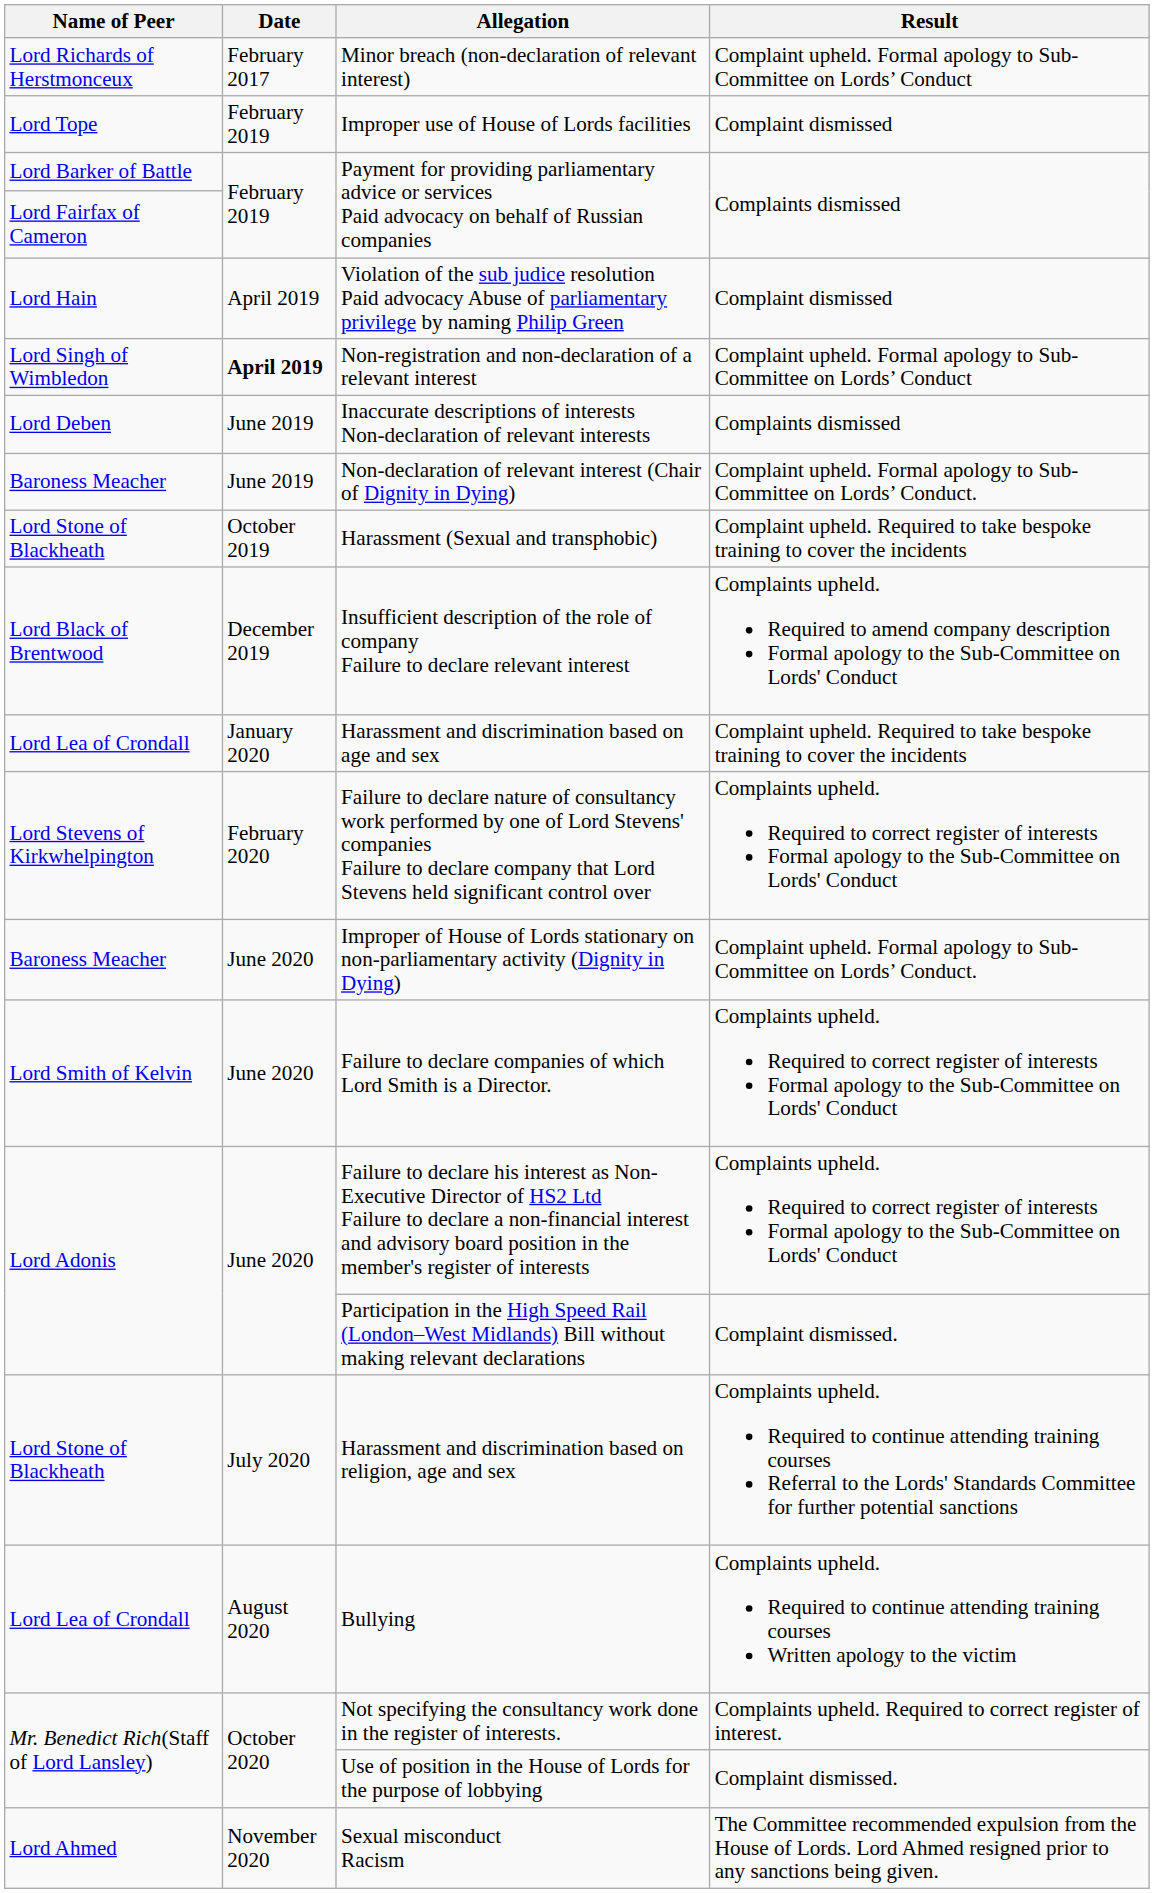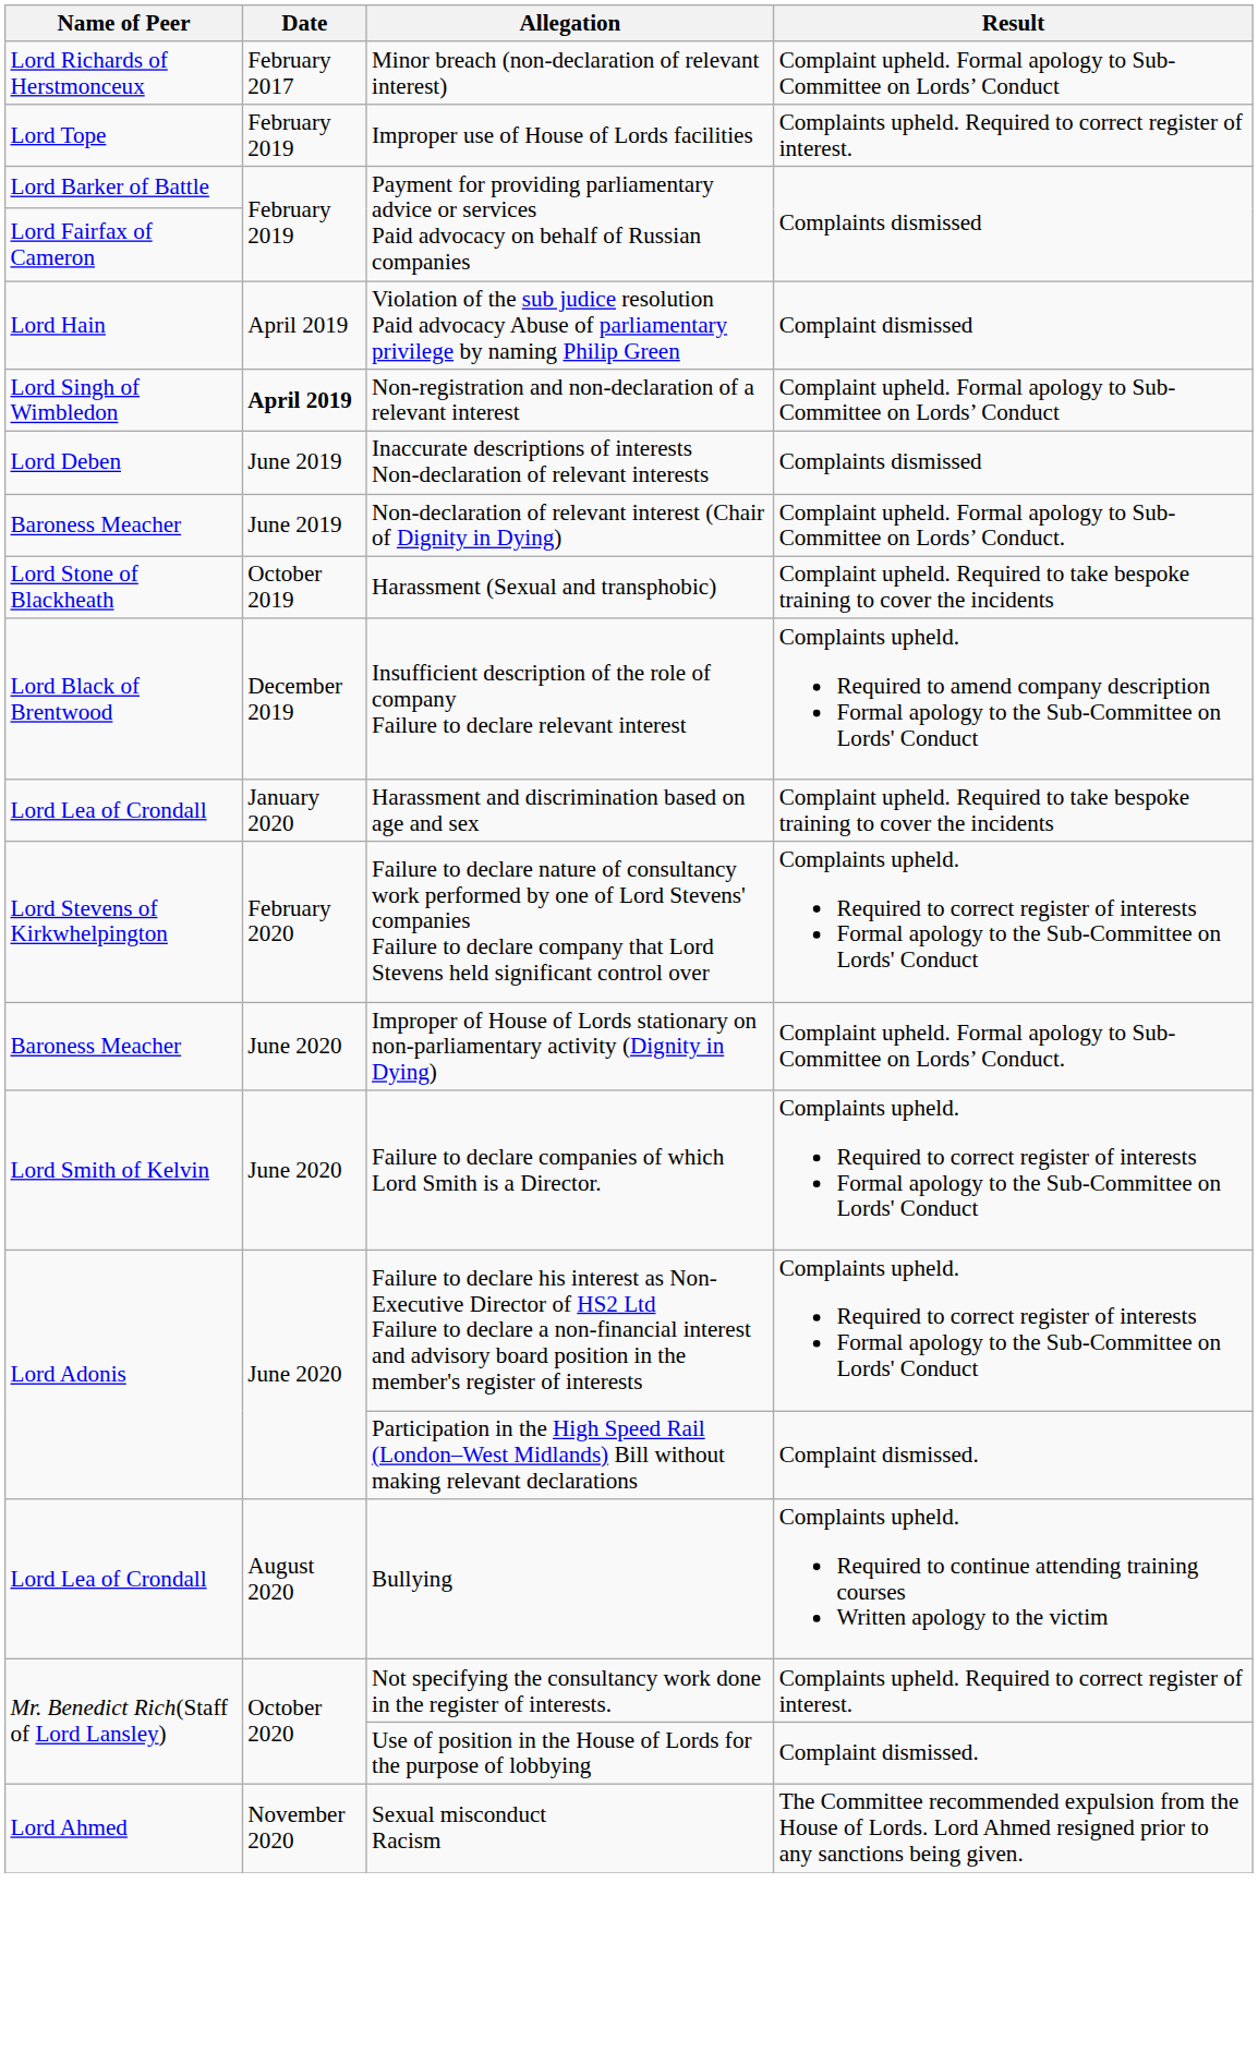 <table class="wikitable sortable mw-collapsible">
 <tr>
 <th>Name of Peer</th>
 <th>Date</th>
 <th>Allegation</th>
 <th>Result</th>
 </tr>
 <tr>
 <td><a href='#'>Lord Richards of Herstmonceux</a></td>
 <td>February 2017</td>
 <td>Minor breach (non-declaration of relevant interest)</td>
 <td>Complaint upheld. Formal apology to Sub-Committee on Lords’ Conduct</td>
 </tr>
 <tr>
 <td><a href='#'>Lord Tope</a></td>
 <td>February 2019</td>
 <td>Improper use of House of Lords facilities</td>
-<td>Complaint dismissed</td>
+<td>Complaints upheld. Required to correct register of interest.</td>
 </tr>
 <tr>
 <td><a href='#'>Lord Barker of Battle</a></td>
 <td rowspan="2">February 2019</td>
 <td rowspan="2">Payment for providing parliamentary advice or services<br>Paid advocacy on behalf of Russian companies</td>
 <td rowspan="2">Complaints dismissed</td>
 </tr>
 <tr>
 <td><a href='#'>Lord Fairfax of Cameron</a></td>
 </tr>
 <tr>
 <td><a href='#'>Lord Hain</a></td>
 <td>April 2019</td>
 <td>Violation of the <a href='#'>sub judice</a> resolution<br>Paid advocacy Abuse of <a href='#'>parliamentary privilege</a> by naming <a href='#'>Philip Green</a></td>
 <td>Complaint dismissed</td>
 </tr>
 <tr>
 <td><a href='#'>Lord Singh of Wimbledon</a></td>
 <td><strong>April 2019</strong></td>
 <td>Non-registration and non-declaration of a relevant interest</td>
 <td>Complaint upheld. Formal apology to Sub-Committee on Lords’ Conduct</td>
 </tr>
 <tr>
 <td><a href='#'>Lord Deben</a></td>
 <td>June 2019</td>
 <td>Inaccurate descriptions of interests<br>Non-declaration of relevant interests</td>
 <td>Complaints dismissed</td>
 </tr>
 <tr>
 <td><a href='#'>Baroness Meacher</a></td>
 <td>June 2019</td>
 <td>Non-declaration of relevant interest (Chair of <a href='#'>Dignity in Dying</a>)</td>
 <td>Complaint upheld. Formal apology to Sub-Committee on Lords’ Conduct.</td>
 </tr>
 <tr>
 <td><a href='#'>Lord Stone of Blackheath</a></td>
 <td>October 2019</td>
 <td>Harassment (Sexual and transphobic)</td>
 <td>Complaint upheld. Required to take bespoke training to cover the incidents</td>
 </tr>
 <tr>
 <td><a href='#'>Lord Black of Brentwood</a></td>
 <td>December 2019</td>
 <td>Insufficient description of the role of company<br>Failure to declare relevant interest</td>
 <td>Complaints upheld.<br><ul><li>Required to amend company description</li><li>Formal apology to the Sub-Committee on Lords' Conduct</li></ul></td>
 </tr>
 <tr>
 <td><a href='#'>Lord Lea of Crondall</a></td>
 <td>January 2020</td>
 <td>Harassment and discrimination based on age and sex</td>
 <td>Complaint upheld. Required to take bespoke training to cover the incidents</td>
 </tr>
 <tr>
 <td><a href='#'>Lord Stevens of Kirkwhelpington</a></td>
 <td>February 2020</td>
 <td>Failure to declare nature of consultancy work performed by one of Lord Stevens' companies<br>Failure to declare company that Lord Stevens held significant control over</td>
 <td>Complaints upheld.<br><ul><li>Required to correct register of interests</li><li>Formal apology to the Sub-Committee on Lords' Conduct</li></ul></td>
 </tr>
 <tr>
 <td><a href='#'>Baroness Meacher</a></td>
 <td>June 2020</td>
 <td>Improper of House of Lords stationary on non-parliamentary activity (<a href='#'>Dignity in Dying</a>)</td>
 <td>Complaint upheld. Formal apology to Sub-Committee on Lords’ Conduct.</td>
 </tr>
 <tr>
 <td><a href='#'>Lord Smith of Kelvin</a></td>
 <td>June 2020</td>
 <td>Failure to declare companies of which Lord Smith is a Director.</td>
 <td>Complaints upheld.<br><ul><li>Required to correct register of interests</li><li>Formal apology to the Sub-Committee on Lords' Conduct</li></ul></td>
 </tr>
 <tr>
 <td rowspan="2"><a href='#'>Lord Adonis</a></td>
 <td rowspan="2">June 2020</td>
 <td>Failure to declare his interest as Non-Executive Director of <a href='#'>HS2 Ltd</a><br>Failure to declare a non-financial interest and advisory board position in the member's register of interests</td>
 <td>Complaints upheld.<br><ul><li>Required to correct register of interests</li><li>Formal apology to the Sub-Committee on Lords' Conduct</li></ul></td>
 </tr>
 <tr>
 <td>Participation in the <a href='#'>High Speed Rail (London–West Midlands)</a> Bill without making relevant declarations</td>
 <td>Complaint dismissed.</td>
 </tr>
 <tr>
-<td><a href='#'>Lord Stone of Blackheath</a></td>
-<td>July 2020</td>
-<td>Harassment and discrimination based on religion, age and sex</td>
-<td>Complaints upheld.<br><ul><li>Required to continue attending training courses</li><li>Referral to the Lords' Standards Committee for further potential sanctions</li></ul></td>
-</tr>
-<tr>
 <td><a href='#'>Lord Lea of Crondall</a></td>
 <td>August 2020</td>
 <td>Bullying</td>
 <td>Complaints upheld.<br><ul><li>Required to continue attending training courses</li><li>Written apology to the victim</li></ul></td>
 </tr>
 <tr>
 <td rowspan="2"><em>Mr. Benedict Rich</em>(Staff of <a href='#'>Lord Lansley</a>)</td>
 <td rowspan="2">October 2020</td>
 <td>Not specifying the consultancy work done in the register of interests.</td>
 <td>Complaints upheld. Required to correct register of interest.</td>
 </tr>
 <tr>
 <td>Use of position in the House of Lords for the purpose of lobbying</td>
 <td>Complaint dismissed.</td>
 </tr>
 <tr>
 <td><a href='#'>Lord Ahmed</a></td>
 <td>November 2020</td>
 <td>Sexual misconduct<br>Racism</td>
 <td>The Committee recommended expulsion from the House of Lords. Lord Ahmed resigned prior to any sanctions being given.</td>
 </tr>
 </table>
